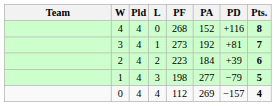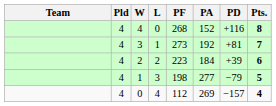 <table class=wikitable style="text-align:center">
 <tr>
 <th width=160>Team</th>
+<th width=20>Pld</th>
 <th width=20>W</th>
-<th width=20>Pld</th>
 <th width=20>L</th>
 <th width=35>PF</th>
 <th width=35>PA</th>
 <th width=35>PD</th>
 <th width=30>Pts.</th>
 </tr>
 <tr bgcolor=ccffcc>
 <td align=left></td>
 <td>4</td>
 <td>4</td>
 <td>0</td>
 <td>268</td>
 <td>152</td>
 <td>+116</td>
 <td><strong>8</strong></td>
 </tr>
 <tr bgcolor=ccffcc>
 <td align=left></td>
+<td>4</td>
 <td>3</td>
-<td>4</td>
 <td>1</td>
 <td>273</td>
 <td>192</td>
 <td>+81</td>
 <td><strong>7</strong></td>
 </tr>
 <tr bgcolor=ccffcc>
 <td align=left></td>
+<td>4</td>
 <td>2</td>
-<td>4</td>
 <td>2</td>
 <td>223</td>
 <td>184</td>
 <td>+39</td>
 <td><strong>6</strong></td>
 </tr>
 <tr bgcolor=ccffcc>
 <td align=left></td>
+<td>4</td>
 <td>1</td>
-<td>4</td>
 <td>3</td>
 <td>198</td>
 <td>277</td>
 <td>−79</td>
 <td><strong>5</strong></td>
 </tr>
 <tr bgcolor=>
 <td align=left></td>
+<td>4</td>
 <td>0</td>
-<td>4</td>
 <td>4</td>
 <td>112</td>
 <td>269</td>
 <td>−157</td>
 <td><strong>4</strong></td>
 </tr>
 </table>
